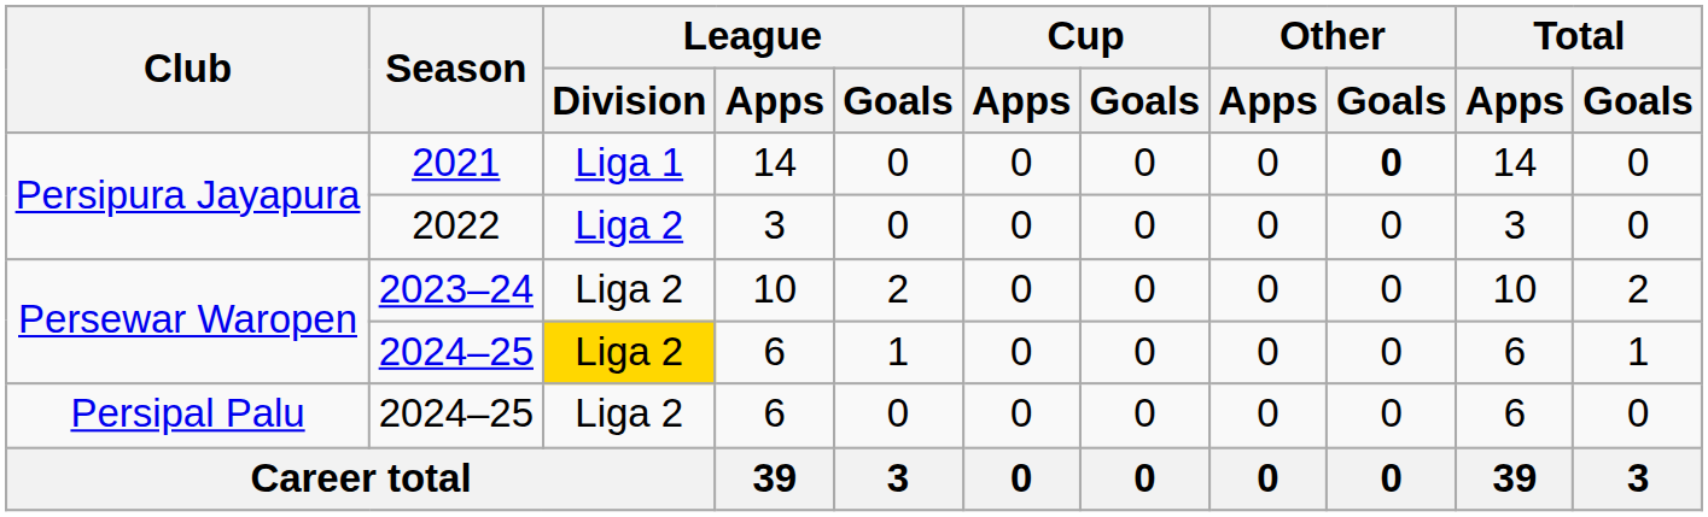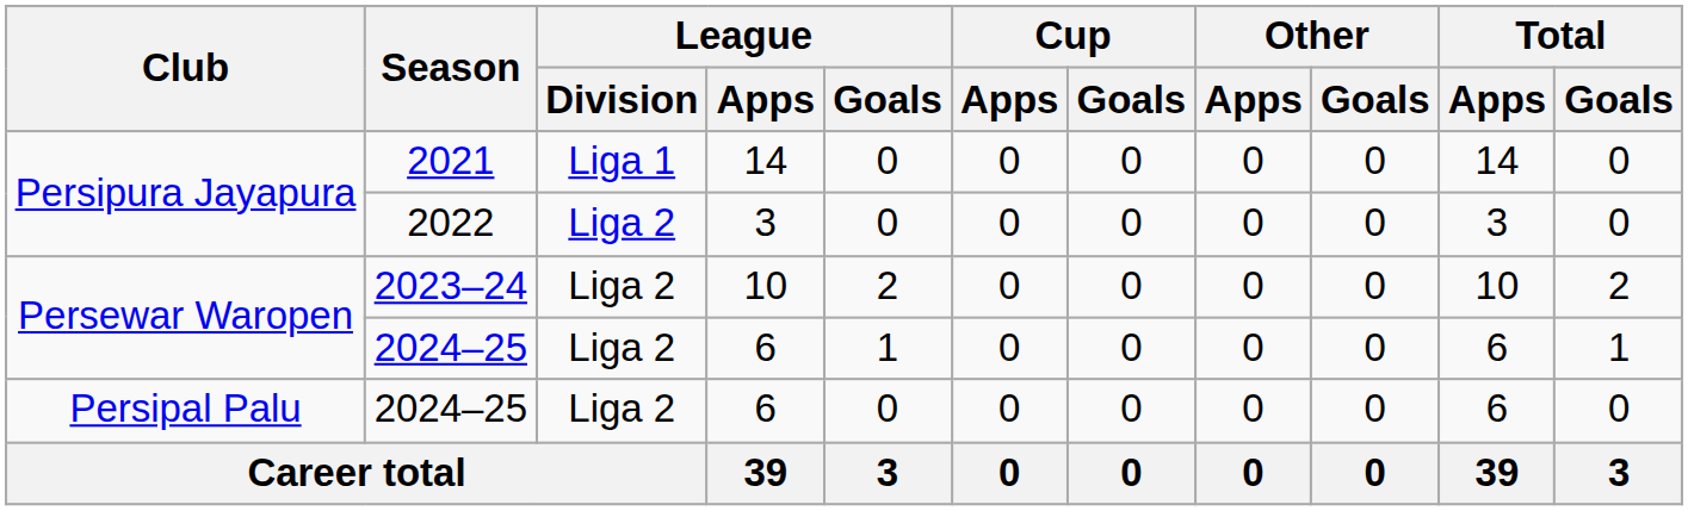 <table class="wikitable" style="text-align: center">
 <tr>
 <th rowspan="2">Club</th>
 <th rowspan="2">Season</th>
 <th colspan="3">League</th>
 <th colspan="2">Cup</th>
 <th colspan="2">Other</th>
 <th colspan="2">Total</th>
 </tr>
 <tr>
 <th>Division</th>
 <th>Apps</th>
 <th>Goals</th>
 <th>Apps</th>
 <th>Goals</th>
 <th>Apps</th>
 <th>Goals</th>
 <th>Apps</th>
 <th>Goals</th>
 </tr>
 <tr>
 <td rowspan="2"><a href='#'>Persipura Jayapura</a></td>
 <td><a href='#'>2021</a></td>
 <td rowspan="1" valign="center"><a href='#'>Liga 1</a></td>
 <td>14</td>
 <td>0</td>
 <td>0</td>
 <td>0</td>
 <td>0</td>
-<td><strong>0</strong></td>
+<td>0</td>
 <td>14</td>
 <td>0</td>
 </tr>
 <tr>
 <td>2022</td>
 <td rowspan="1" valign="center"><a href='#'>Liga 2</a></td>
 <td>3</td>
 <td>0</td>
 <td>0</td>
 <td>0</td>
 <td>0</td>
 <td>0</td>
 <td>3</td>
 <td>0</td>
 </tr>
 <tr>
 <td rowspan="2"><a href='#'>Persewar Waropen</a></td>
 <td><a href='#'>2023–24</a></td>
 <td rowspan="1" valign="center">Liga 2</td>
 <td>10</td>
 <td>2</td>
 <td>0</td>
 <td>0</td>
 <td>0</td>
 <td>0</td>
 <td>10</td>
 <td>2</td>
 </tr>
 <tr>
 <td><a href='#'>2024–25</a></td>
-<td rowspan="1" valign="center" style="background: gold;">Liga 2</td>
+<td rowspan="1" valign="center">Liga 2</td>
 <td>6</td>
 <td>1</td>
 <td>0</td>
 <td>0</td>
 <td>0</td>
 <td>0</td>
 <td>6</td>
 <td>1</td>
 </tr>
 <tr>
 <td rowspan="1"><a href='#'>Persipal Palu</a></td>
 <td>2024–25</td>
 <td rowspan="1" valign="center">Liga 2</td>
 <td>6</td>
 <td>0</td>
 <td>0</td>
 <td>0</td>
 <td>0</td>
 <td>0</td>
 <td>6</td>
 <td>0</td>
 </tr>
 <tr>
 <th colspan=3>Career total</th>
 <th>39</th>
 <th>3</th>
 <th>0</th>
 <th>0</th>
 <th>0</th>
 <th>0</th>
 <th>39</th>
 <th>3</th>
 </tr>
 </table>
